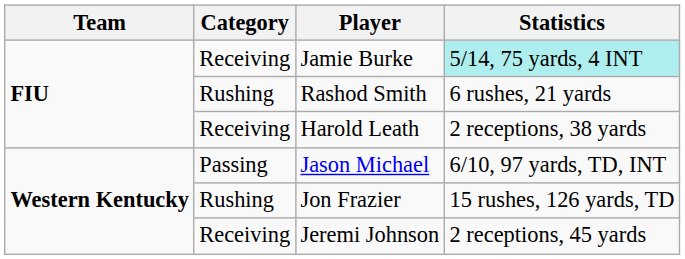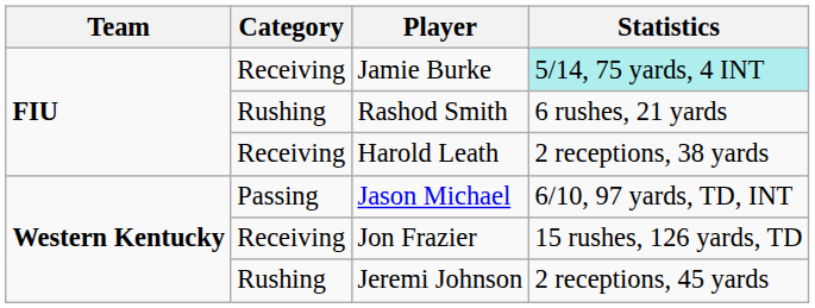 <table class="wikitable" style="float: right;">
 <tr>
 <th>Team</th>
 <th>Category</th>
 <th>Player</th>
 <th>Statistics</th>
 </tr>
 <tr>
 <td rowspan=3><strong>FIU</strong></td>
 <td>Receiving</td>
 <td>Jamie Burke</td>
 <td style="background: paleturquoise;">5/14, 75 yards, 4 INT</td>
 </tr>
 <tr>
 <td>Rushing</td>
 <td>Rashod Smith</td>
 <td>6 rushes, 21 yards</td>
 </tr>
 <tr>
 <td>Receiving</td>
 <td>Harold Leath</td>
 <td>2 receptions, 38 yards</td>
 </tr>
 <tr>
 <td rowspan=3><strong>Western Kentucky</strong></td>
 <td>Passing</td>
 <td><a href='#'>Jason Michael</a></td>
 <td>6/10, 97 yards, TD, INT</td>
 </tr>
 <tr>
-<td>Rushing</td>
+<td>Receiving</td>
 <td>Jon Frazier</td>
 <td>15 rushes, 126 yards, TD</td>
 </tr>
 <tr>
-<td>Receiving</td>
+<td>Rushing</td>
 <td>Jeremi Johnson</td>
 <td>2 receptions, 45 yards</td>
 </tr>
 </table>
